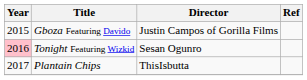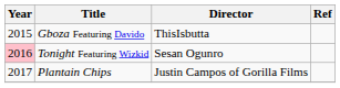 <table class="wikitable">
 <tr>
 <th>Year</th>
 <th>Title</th>
 <th>Director</th>
 <th>Ref</th>
 </tr>
 <tr>
 <td>2015</td>
 <td><em>Gboza</em> <small>Featuring <a href='#'>Davido</a></small></td>
-<td>Justin Campos of Gorilla Films</td>
+<td>ThisIsbutta</td>
 <td></td>
 </tr>
 <tr>
 <td style="background: pink;">2016</td>
 <td><em>Tonight</em> <small>Featuring <a href='#'>Wizkid</a></small></td>
 <td>Sesan Ogunro</td>
 <td></td>
 </tr>
 <tr>
 <td>2017</td>
 <td><em>Plantain Chips</em></td>
-<td>ThisIsbutta</td>
+<td>Justin Campos of Gorilla Films</td>
 <td></td>
 </tr>
 <tr>
 </tr>
 </table>
